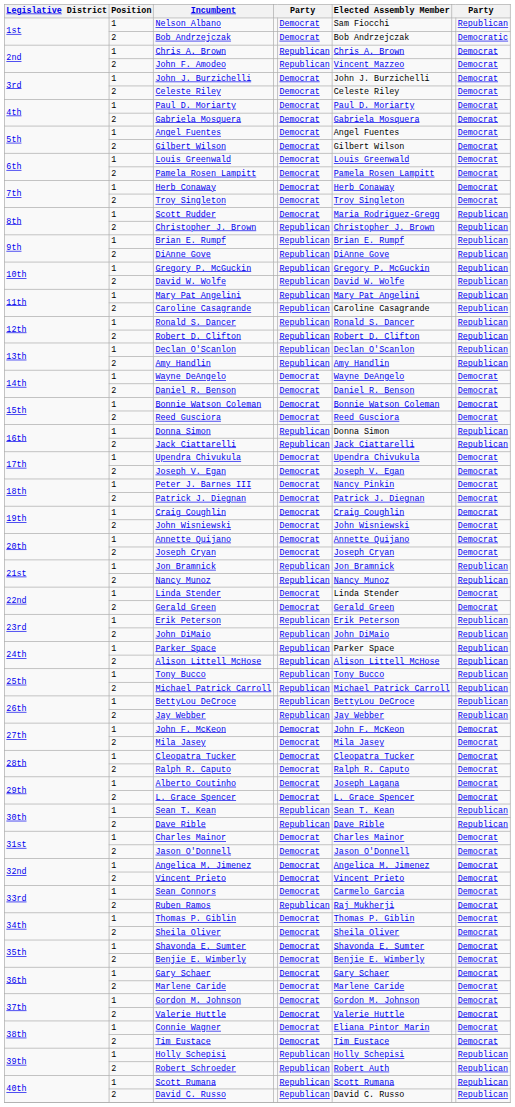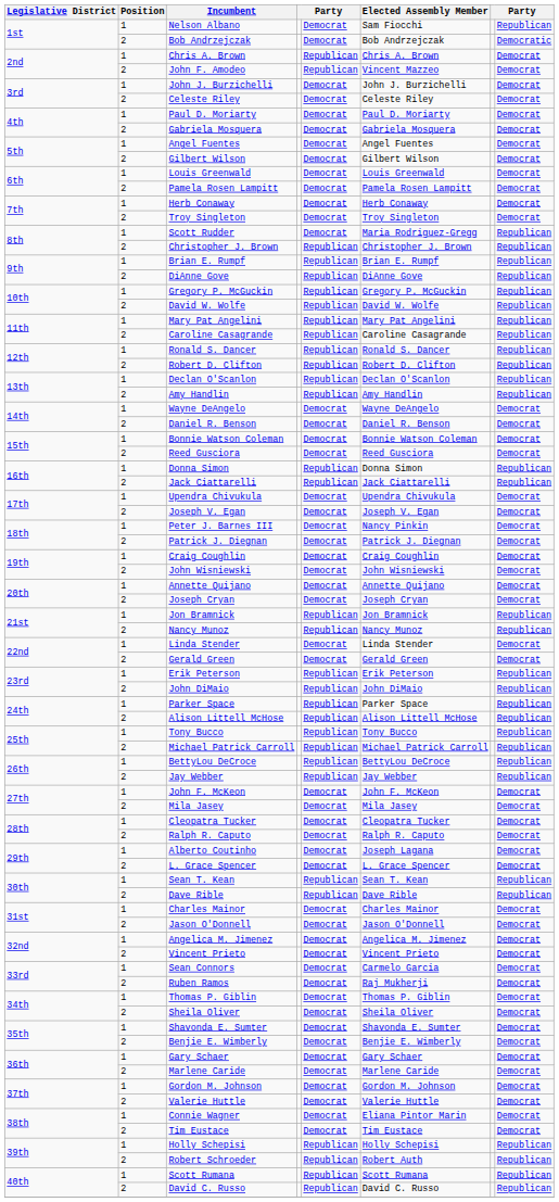 <table class="sortable wikitable" style="font-size:95%;line-height:14px;">
 <tr>
 <th colspan="1" class="sortable"><a href='#'>Legislative</a> District</th>
 <th colspan="1" class="sortable">Position</th>
 <th class="unsortable"><a href='#'>Incumbent</a></th>
 <th colspan="2">Party</th>
 <th class="unsortable">Elected Assembly Member</th>
 <th colspan="2">Party</th>
 </tr>
 <tr>
 <td rowspan="2"><a href='#'>1st</a></td>
 <td>1</td>
 <td><a href='#'>Nelson Albano</a></td>
 <td style="background:"></td>
 <td><a href='#'>Democrat</a></td>
 <td>Sam Fiocchi</td>
 <td style="background:"></td>
 <td><a href='#'>Republican</a></td>
 </tr>
 <tr>
 <td>2</td>
 <td><a href='#'>Bob Andrzejczak</a></td>
 <td style="background:"></td>
 <td><a href='#'>Democrat</a></td>
 <td>Bob Andrzejczak</td>
 <td style="background:"></td>
 <td><a href='#'>Democratic</a></td>
 </tr>
 <tr>
 <td rowspan="2"><a href='#'>2nd</a></td>
 <td>1</td>
 <td><a href='#'>Chris A. Brown</a></td>
 <td style="background:"></td>
 <td><a href='#'>Republican</a></td>
 <td><a href='#'>Chris A. Brown</a></td>
 <td style="background:"></td>
 <td><a href='#'>Democrat</a></td>
 </tr>
 <tr>
 <td>2</td>
 <td><a href='#'>John F. Amodeo</a></td>
 <td style="background:"></td>
 <td><a href='#'>Republican</a></td>
 <td><a href='#'>Vincent Mazzeo</a></td>
 <td style="background:"></td>
 <td><a href='#'>Democrat</a></td>
 </tr>
 <tr>
 <td rowspan="2"><a href='#'>3rd</a></td>
 <td>1</td>
 <td><a href='#'>John J. Burzichelli</a></td>
 <td style="background:"></td>
 <td><a href='#'>Democrat</a></td>
 <td>John J. Burzichelli</td>
 <td style="background:"></td>
 <td><a href='#'>Democrat</a></td>
 </tr>
 <tr>
 <td>2</td>
 <td><a href='#'>Celeste Riley</a></td>
 <td style="background:"></td>
 <td><a href='#'>Democrat</a></td>
 <td>Celeste Riley</td>
 <td style="background:"></td>
 <td><a href='#'>Democrat</a></td>
 </tr>
 <tr>
 <td rowspan="2"><a href='#'>4th</a></td>
 <td>1</td>
 <td><a href='#'>Paul D. Moriarty</a></td>
 <td style="background:"></td>
 <td><a href='#'>Democrat</a></td>
 <td><a href='#'>Paul D. Moriarty</a></td>
 <td style="background:"></td>
 <td><a href='#'>Democrat</a></td>
 </tr>
 <tr>
 <td>2</td>
 <td><a href='#'>Gabriela Mosquera</a></td>
 <td style="background:"></td>
 <td><a href='#'>Democrat</a></td>
 <td><a href='#'>Gabriela Mosquera</a></td>
 <td style="background:"></td>
 <td><a href='#'>Democrat</a></td>
 </tr>
 <tr>
 <td rowspan="2"><a href='#'>5th</a></td>
 <td>1</td>
 <td><a href='#'>Angel Fuentes</a></td>
 <td style="background:"></td>
 <td><a href='#'>Democrat</a></td>
 <td>Angel Fuentes</td>
 <td style="background:"></td>
 <td><a href='#'>Democrat</a></td>
 </tr>
 <tr>
 <td>2</td>
 <td><a href='#'>Gilbert Wilson</a></td>
 <td style="background:"></td>
 <td><a href='#'>Democrat</a></td>
 <td>Gilbert Wilson</td>
 <td style="background:"></td>
 <td><a href='#'>Democrat</a></td>
 </tr>
 <tr>
 <td rowspan="2"><a href='#'>6th</a></td>
 <td>1</td>
 <td><a href='#'>Louis Greenwald</a></td>
 <td style="background:"></td>
 <td><a href='#'>Democrat</a></td>
 <td><a href='#'>Louis Greenwald</a></td>
 <td style="background:"></td>
 <td><a href='#'>Democrat</a></td>
 </tr>
 <tr>
 <td>2</td>
 <td><a href='#'>Pamela Rosen Lampitt</a></td>
 <td style="background:"></td>
 <td><a href='#'>Democrat</a></td>
 <td><a href='#'>Pamela Rosen Lampitt</a></td>
 <td style="background:"></td>
 <td><a href='#'>Democrat</a></td>
 </tr>
 <tr>
 <td rowspan="2"><a href='#'>7th</a></td>
 <td>1</td>
 <td><a href='#'>Herb Conaway</a></td>
 <td style="background:"></td>
 <td><a href='#'>Democrat</a></td>
 <td><a href='#'>Herb Conaway</a></td>
 <td style="background:"></td>
 <td><a href='#'>Democrat</a></td>
 </tr>
 <tr>
 <td>2</td>
 <td><a href='#'>Troy Singleton</a></td>
 <td style="background:"></td>
 <td><a href='#'>Democrat</a></td>
 <td><a href='#'>Troy Singleton</a></td>
 <td style="background:"></td>
 <td><a href='#'>Democrat</a></td>
 </tr>
 <tr>
 <td rowspan="2"><a href='#'>8th</a></td>
 <td>1</td>
 <td><a href='#'>Scott Rudder</a></td>
 <td style="background:"></td>
 <td><a href='#'>Democrat</a></td>
 <td><a href='#'>Maria Rodriguez-Gregg</a></td>
 <td style="background:"></td>
 <td><a href='#'>Republican</a></td>
 </tr>
 <tr>
 <td>2</td>
 <td><a href='#'>Christopher J. Brown</a></td>
 <td style="background:"></td>
 <td><a href='#'>Republican</a></td>
 <td><a href='#'>Christopher J. Brown</a></td>
 <td style="background:"></td>
 <td><a href='#'>Republican</a></td>
 </tr>
 <tr>
 <td rowspan="2"><a href='#'>9th</a></td>
 <td>1</td>
 <td><a href='#'>Brian E. Rumpf</a></td>
 <td style="background:"></td>
 <td><a href='#'>Republican</a></td>
 <td><a href='#'>Brian E. Rumpf</a></td>
 <td style="background:"></td>
 <td><a href='#'>Republican</a></td>
 </tr>
 <tr>
 <td>2</td>
 <td><a href='#'>DiAnne Gove</a></td>
 <td style="background:"></td>
 <td><a href='#'>Republican</a></td>
 <td><a href='#'>DiAnne Gove</a></td>
 <td style="background:"></td>
 <td><a href='#'>Republican</a></td>
 </tr>
 <tr>
 <td rowspan="2"><a href='#'>10th</a></td>
 <td>1</td>
 <td><a href='#'>Gregory P. McGuckin</a></td>
 <td style="background:"></td>
 <td><a href='#'>Republican</a></td>
 <td><a href='#'>Gregory P. McGuckin</a></td>
 <td style="background:"></td>
 <td><a href='#'>Republican</a></td>
 </tr>
 <tr>
 <td>2</td>
 <td><a href='#'>David W. Wolfe</a></td>
 <td style="background:"></td>
 <td><a href='#'>Republican</a></td>
 <td><a href='#'>David W. Wolfe</a></td>
 <td style="background:"></td>
 <td><a href='#'>Republican</a></td>
 </tr>
 <tr>
 <td rowspan="2"><a href='#'>11th</a></td>
 <td>1</td>
 <td><a href='#'>Mary Pat Angelini</a></td>
 <td style="background:"></td>
 <td><a href='#'>Republican</a></td>
 <td><a href='#'>Mary Pat Angelini</a></td>
 <td style="background:"></td>
 <td><a href='#'>Republican</a></td>
 </tr>
 <tr>
 <td>2</td>
 <td><a href='#'>Caroline Casagrande</a></td>
 <td style="background:"></td>
 <td><a href='#'>Republican</a></td>
 <td>Caroline Casagrande</td>
 <td style="background:"></td>
 <td><a href='#'>Republican</a></td>
 </tr>
 <tr>
 <td rowspan="2"><a href='#'>12th</a></td>
 <td>1</td>
 <td><a href='#'>Ronald S. Dancer</a></td>
 <td style="background:"></td>
 <td><a href='#'>Republican</a></td>
 <td><a href='#'>Ronald S. Dancer</a></td>
 <td style="background:"></td>
 <td><a href='#'>Republican</a></td>
 </tr>
 <tr>
 <td>2</td>
 <td><a href='#'>Robert D. Clifton</a></td>
 <td style="background:"></td>
 <td><a href='#'>Republican</a></td>
 <td><a href='#'>Robert D. Clifton</a></td>
 <td style="background:"></td>
 <td><a href='#'>Republican</a></td>
 </tr>
 <tr>
 <td rowspan="2"><a href='#'>13th</a></td>
 <td>1</td>
 <td><a href='#'>Declan O'Scanlon</a></td>
 <td style="background:"></td>
 <td><a href='#'>Republican</a></td>
 <td><a href='#'>Declan O'Scanlon</a></td>
 <td style="background:"></td>
 <td><a href='#'>Republican</a></td>
 </tr>
 <tr>
 <td>2</td>
 <td><a href='#'>Amy Handlin</a></td>
 <td style="background:"></td>
 <td><a href='#'>Republican</a></td>
 <td><a href='#'>Amy Handlin</a></td>
 <td style="background:"></td>
 <td><a href='#'>Republican</a></td>
 </tr>
 <tr>
 <td rowspan="2"><a href='#'>14th</a></td>
 <td>1</td>
 <td><a href='#'>Wayne DeAngelo</a></td>
 <td style="background:"></td>
 <td><a href='#'>Democrat</a></td>
 <td><a href='#'>Wayne DeAngelo</a></td>
 <td style="background:"></td>
 <td><a href='#'>Democrat</a></td>
 </tr>
 <tr>
 <td>2</td>
 <td><a href='#'>Daniel R. Benson</a></td>
 <td style="background:"></td>
 <td><a href='#'>Democrat</a></td>
 <td><a href='#'>Daniel R. Benson</a></td>
 <td style="background:"></td>
 <td><a href='#'>Democrat</a></td>
 </tr>
 <tr>
 <td rowspan="2"><a href='#'>15th</a></td>
 <td>1</td>
 <td><a href='#'>Bonnie Watson Coleman</a></td>
 <td style="background:"></td>
 <td><a href='#'>Democrat</a></td>
 <td><a href='#'>Bonnie Watson Coleman</a></td>
 <td style="background:"></td>
 <td><a href='#'>Democrat</a></td>
 </tr>
 <tr>
 <td>2</td>
 <td><a href='#'>Reed Gusciora</a></td>
 <td style="background:"></td>
 <td><a href='#'>Democrat</a></td>
 <td><a href='#'>Reed Gusciora</a></td>
 <td style="background:"></td>
 <td><a href='#'>Democrat</a></td>
 </tr>
 <tr>
 <td rowspan="2"><a href='#'>16th</a></td>
 <td>1</td>
 <td><a href='#'>Donna Simon</a></td>
 <td style="background:"></td>
 <td><a href='#'>Republican</a></td>
 <td>Donna Simon</td>
 <td style="background:"></td>
 <td><a href='#'>Republican</a></td>
 </tr>
 <tr>
 <td>2</td>
 <td><a href='#'>Jack Ciattarelli</a></td>
 <td style="background:"></td>
 <td><a href='#'>Republican</a></td>
 <td><a href='#'>Jack Ciattarelli</a></td>
 <td style="background:"></td>
 <td><a href='#'>Republican</a></td>
 </tr>
 <tr>
 <td rowspan="2"><a href='#'>17th</a></td>
 <td>1</td>
 <td><a href='#'>Upendra Chivukula</a></td>
 <td style="background:"></td>
 <td><a href='#'>Democrat</a></td>
 <td><a href='#'>Upendra Chivukula</a></td>
 <td style="background:"></td>
 <td><a href='#'>Democrat</a></td>
 </tr>
 <tr>
 <td>2</td>
 <td><a href='#'>Joseph V. Egan</a></td>
 <td style="background:"></td>
 <td><a href='#'>Democrat</a></td>
 <td><a href='#'>Joseph V. Egan</a></td>
 <td style="background:"></td>
 <td><a href='#'>Democrat</a></td>
 </tr>
 <tr>
 <td rowspan="2"><a href='#'>18th</a></td>
 <td>1</td>
 <td><a href='#'>Peter J. Barnes III</a></td>
 <td style="background:"></td>
 <td><a href='#'>Democrat</a></td>
 <td><a href='#'>Nancy Pinkin</a></td>
 <td style="background:"></td>
 <td><a href='#'>Democrat</a></td>
 </tr>
 <tr>
 <td>2</td>
 <td><a href='#'>Patrick J. Diegnan</a></td>
 <td style="background:"></td>
 <td><a href='#'>Democrat</a></td>
 <td><a href='#'>Patrick J. Diegnan</a></td>
 <td style="background:"></td>
 <td><a href='#'>Democrat</a></td>
 </tr>
 <tr>
 <td rowspan="2"><a href='#'>19th</a></td>
 <td>1</td>
 <td><a href='#'>Craig Coughlin</a></td>
 <td style="background:"></td>
 <td><a href='#'>Democrat</a></td>
 <td><a href='#'>Craig Coughlin</a></td>
 <td style="background:"></td>
 <td><a href='#'>Democrat</a></td>
 </tr>
 <tr>
 <td>2</td>
 <td><a href='#'>John Wisniewski</a></td>
 <td style="background:"></td>
 <td><a href='#'>Democrat</a></td>
 <td><a href='#'>John Wisniewski</a></td>
 <td style="background:"></td>
 <td><a href='#'>Democrat</a></td>
 </tr>
 <tr>
 <td rowspan="2"><a href='#'>20th</a></td>
 <td>1</td>
 <td><a href='#'>Annette Quijano</a></td>
 <td style="background:"></td>
 <td><a href='#'>Democrat</a></td>
 <td><a href='#'>Annette Quijano</a></td>
 <td style="background:"></td>
 <td><a href='#'>Democrat</a></td>
 </tr>
 <tr>
 <td>2</td>
 <td><a href='#'>Joseph Cryan</a></td>
 <td style="background:"></td>
 <td><a href='#'>Democrat</a></td>
 <td><a href='#'>Joseph Cryan</a></td>
 <td style="background:"></td>
 <td><a href='#'>Democrat</a></td>
 </tr>
 <tr>
 <td rowspan="2"><a href='#'>21st</a></td>
 <td>1</td>
 <td><a href='#'>Jon Bramnick</a></td>
 <td style="background:"></td>
 <td><a href='#'>Republican</a></td>
 <td><a href='#'>Jon Bramnick</a></td>
 <td style="background:"></td>
 <td><a href='#'>Republican</a></td>
 </tr>
 <tr>
 <td>2</td>
 <td><a href='#'>Nancy Munoz</a></td>
 <td style="background:"></td>
 <td><a href='#'>Republican</a></td>
 <td><a href='#'>Nancy Munoz</a></td>
 <td style="background:"></td>
 <td><a href='#'>Republican</a></td>
 </tr>
 <tr>
 <td rowspan="2"><a href='#'>22nd</a></td>
 <td>1</td>
 <td><a href='#'>Linda Stender</a></td>
 <td style="background:"></td>
 <td><a href='#'>Democrat</a></td>
 <td>Linda Stender</td>
 <td style="background:"></td>
 <td><a href='#'>Democrat</a></td>
 </tr>
 <tr>
 <td>2</td>
 <td><a href='#'>Gerald Green</a></td>
 <td style="background:"></td>
 <td><a href='#'>Democrat</a></td>
 <td><a href='#'>Gerald Green</a></td>
 <td style="background:"></td>
 <td><a href='#'>Democrat</a></td>
 </tr>
 <tr>
 <td rowspan="2"><a href='#'>23rd</a></td>
 <td>1</td>
 <td><a href='#'>Erik Peterson</a></td>
 <td style="background:"></td>
 <td><a href='#'>Republican</a></td>
 <td><a href='#'>Erik Peterson</a></td>
 <td style="background:"></td>
 <td><a href='#'>Republican</a></td>
 </tr>
 <tr>
 <td>2</td>
 <td><a href='#'>John DiMaio</a></td>
 <td style="background:"></td>
 <td><a href='#'>Republican</a></td>
 <td><a href='#'>John DiMaio</a></td>
 <td style="background:"></td>
 <td><a href='#'>Republican</a></td>
 </tr>
 <tr>
 <td rowspan="2"><a href='#'>24th</a></td>
 <td>1</td>
 <td><a href='#'>Parker Space</a></td>
 <td style="background:"></td>
 <td><a href='#'>Republican</a></td>
 <td>Parker Space</td>
 <td style="background:"></td>
 <td><a href='#'>Republican</a></td>
 </tr>
 <tr>
 <td>2</td>
 <td><a href='#'>Alison Littell McHose</a></td>
 <td style="background:"></td>
 <td><a href='#'>Republican</a></td>
 <td><a href='#'>Alison Littell McHose</a></td>
 <td style="background:"></td>
 <td><a href='#'>Republican</a></td>
 </tr>
 <tr>
 <td rowspan="2"><a href='#'>25th</a></td>
 <td>1</td>
 <td><a href='#'>Tony Bucco</a></td>
 <td style="background:"></td>
 <td><a href='#'>Republican</a></td>
 <td><a href='#'>Tony Bucco</a></td>
 <td style="background:"></td>
 <td><a href='#'>Republican</a></td>
 </tr>
 <tr>
 <td>2</td>
 <td><a href='#'>Michael Patrick Carroll</a></td>
 <td style="background:"></td>
 <td><a href='#'>Republican</a></td>
 <td><a href='#'>Michael Patrick Carroll</a></td>
 <td style="background:"></td>
 <td><a href='#'>Republican</a></td>
 </tr>
 <tr>
 <td rowspan="2"><a href='#'>26th</a></td>
 <td>1</td>
 <td><a href='#'>BettyLou DeCroce</a></td>
 <td style="background:"></td>
 <td><a href='#'>Republican</a></td>
 <td><a href='#'>BettyLou DeCroce</a></td>
 <td style="background:"></td>
 <td><a href='#'>Republican</a></td>
 </tr>
 <tr>
 <td>2</td>
 <td><a href='#'>Jay Webber</a></td>
 <td style="background:"></td>
 <td><a href='#'>Republican</a></td>
 <td><a href='#'>Jay Webber</a></td>
 <td style="background:"></td>
 <td><a href='#'>Republican</a></td>
 </tr>
 <tr>
 <td rowspan="2"><a href='#'>27th</a></td>
 <td>1</td>
 <td><a href='#'>John F. McKeon</a></td>
 <td style="background:"></td>
 <td><a href='#'>Democrat</a></td>
 <td><a href='#'>John F. McKeon</a></td>
 <td style="background:"></td>
 <td><a href='#'>Democrat</a></td>
 </tr>
 <tr>
 <td>2</td>
 <td><a href='#'>Mila Jasey</a></td>
 <td style="background:"></td>
 <td><a href='#'>Democrat</a></td>
 <td><a href='#'>Mila Jasey</a></td>
 <td style="background:"></td>
 <td><a href='#'>Democrat</a></td>
 </tr>
 <tr>
 <td rowspan="2"><a href='#'>28th</a></td>
 <td>1</td>
 <td><a href='#'>Cleopatra Tucker</a></td>
 <td style="background:"></td>
 <td><a href='#'>Democrat</a></td>
 <td><a href='#'>Cleopatra Tucker</a></td>
 <td style="background:"></td>
 <td><a href='#'>Democrat</a></td>
 </tr>
 <tr>
 <td>2</td>
 <td><a href='#'>Ralph R. Caputo</a></td>
 <td style="background:"></td>
 <td><a href='#'>Democrat</a></td>
 <td><a href='#'>Ralph R. Caputo</a></td>
 <td style="background:"></td>
 <td><a href='#'>Democrat</a></td>
 </tr>
 <tr>
 <td rowspan="2"><a href='#'>29th</a></td>
 <td>1</td>
 <td><a href='#'>Alberto Coutinho</a></td>
 <td style="background:"></td>
 <td><a href='#'>Democrat</a></td>
 <td><a href='#'>Joseph Lagana</a></td>
 <td style="background:"></td>
 <td><a href='#'>Democrat</a></td>
 </tr>
 <tr>
 <td>2</td>
 <td><a href='#'>L. Grace Spencer</a></td>
 <td style="background:"></td>
 <td><a href='#'>Democrat</a></td>
 <td><a href='#'>L. Grace Spencer</a></td>
 <td style="background:"></td>
 <td><a href='#'>Democrat</a></td>
 </tr>
 <tr>
 <td rowspan="2"><a href='#'>30th</a></td>
 <td>1</td>
 <td><a href='#'>Sean T. Kean</a></td>
 <td style="background:"></td>
 <td><a href='#'>Republican</a></td>
 <td><a href='#'>Sean T. Kean</a></td>
 <td style="background:"></td>
 <td><a href='#'>Republican</a></td>
 </tr>
 <tr>
 <td>2</td>
 <td><a href='#'>Dave Rible</a></td>
 <td style="background:"></td>
 <td><a href='#'>Republican</a></td>
 <td><a href='#'>Dave Rible</a></td>
 <td style="background:"></td>
 <td><a href='#'>Republican</a></td>
 </tr>
 <tr>
 <td rowspan="2"><a href='#'>31st</a></td>
 <td>1</td>
 <td><a href='#'>Charles Mainor</a></td>
 <td style="background:"></td>
 <td><a href='#'>Democrat</a></td>
 <td><a href='#'>Charles Mainor</a></td>
 <td style="background:"></td>
 <td><a href='#'>Democrat</a></td>
 </tr>
 <tr>
 <td>2</td>
 <td><a href='#'>Jason O'Donnell</a></td>
 <td style="background:"></td>
 <td><a href='#'>Democrat</a></td>
 <td><a href='#'>Jason O'Donnell</a></td>
 <td style="background:"></td>
 <td><a href='#'>Democrat</a></td>
 </tr>
 <tr>
 <td rowspan="2"><a href='#'>32nd</a></td>
 <td>1</td>
 <td><a href='#'>Angelica M. Jimenez</a></td>
 <td style="background:"></td>
 <td><a href='#'>Democrat</a></td>
 <td><a href='#'>Angelica M. Jimenez</a></td>
 <td style="background:"></td>
 <td><a href='#'>Democrat</a></td>
 </tr>
 <tr>
 <td>2</td>
 <td><a href='#'>Vincent Prieto</a></td>
 <td style="background:"></td>
 <td><a href='#'>Democrat</a></td>
 <td><a href='#'>Vincent Prieto</a></td>
 <td style="background:"></td>
 <td><a href='#'>Democrat</a></td>
 </tr>
 <tr>
 <td rowspan="2"><a href='#'>33rd</a></td>
 <td>1</td>
 <td><a href='#'>Sean Connors</a></td>
 <td style="background:"></td>
 <td><a href='#'>Democrat</a></td>
 <td><a href='#'>Carmelo Garcia</a></td>
 <td style="background:"></td>
 <td><a href='#'>Democrat</a></td>
 </tr>
 <tr>
 <td>2</td>
 <td><a href='#'>Ruben Ramos</a></td>
 <td style="background:"></td>
-<td><a href='#'>Republican</a></td>
+<td><a href='#'>Democrat</a></td>
 <td><a href='#'>Raj Mukherji</a></td>
 <td style="background:"></td>
 <td><a href='#'>Democrat</a></td>
 </tr>
 <tr>
 <td rowspan="2"><a href='#'>34th</a></td>
 <td>1</td>
 <td><a href='#'>Thomas P. Giblin</a></td>
 <td style="background:"></td>
 <td><a href='#'>Democrat</a></td>
 <td><a href='#'>Thomas P. Giblin</a></td>
 <td style="background:"></td>
 <td><a href='#'>Democrat</a></td>
 </tr>
 <tr>
 <td>2</td>
 <td><a href='#'>Sheila Oliver</a></td>
 <td style="background:"></td>
 <td><a href='#'>Democrat</a></td>
 <td><a href='#'>Sheila Oliver</a></td>
 <td style="background:"></td>
 <td><a href='#'>Democrat</a></td>
 </tr>
 <tr>
 <td rowspan="2"><a href='#'>35th</a></td>
 <td>1</td>
 <td><a href='#'>Shavonda E. Sumter</a></td>
 <td style="background:"></td>
 <td><a href='#'>Democrat</a></td>
 <td><a href='#'>Shavonda E. Sumter</a></td>
 <td style="background:"></td>
 <td><a href='#'>Democrat</a></td>
 </tr>
 <tr>
 <td>2</td>
 <td><a href='#'>Benjie E. Wimberly</a></td>
 <td style="background:"></td>
 <td><a href='#'>Democrat</a></td>
 <td><a href='#'>Benjie E. Wimberly</a></td>
 <td style="background:"></td>
 <td><a href='#'>Democrat</a></td>
 </tr>
 <tr>
 <td rowspan="2"><a href='#'>36th</a></td>
 <td>1</td>
 <td><a href='#'>Gary Schaer</a></td>
 <td style="background:"></td>
 <td><a href='#'>Democrat</a></td>
 <td><a href='#'>Gary Schaer</a></td>
 <td style="background:"></td>
 <td><a href='#'>Democrat</a></td>
 </tr>
 <tr>
 <td>2</td>
 <td><a href='#'>Marlene Caride</a></td>
 <td style="background:"></td>
 <td><a href='#'>Democrat</a></td>
 <td><a href='#'>Marlene Caride</a></td>
 <td style="background:"></td>
 <td><a href='#'>Democrat</a></td>
 </tr>
 <tr>
 <td rowspan="2"><a href='#'>37th</a></td>
 <td>1</td>
 <td><a href='#'>Gordon M. Johnson</a></td>
 <td style="background:"></td>
 <td><a href='#'>Democrat</a></td>
 <td><a href='#'>Gordon M. Johnson</a></td>
 <td style="background:"></td>
 <td><a href='#'>Democrat</a></td>
 </tr>
 <tr>
 <td>2</td>
 <td><a href='#'>Valerie Huttle</a></td>
 <td style="background:"></td>
 <td><a href='#'>Democrat</a></td>
 <td><a href='#'>Valerie Huttle</a></td>
 <td style="background:"></td>
 <td><a href='#'>Democrat</a></td>
 </tr>
 <tr>
 <td rowspan="2"><a href='#'>38th</a></td>
 <td>1</td>
 <td><a href='#'>Connie Wagner</a></td>
 <td style="background:"></td>
 <td><a href='#'>Democrat</a></td>
 <td><a href='#'>Eliana Pintor Marin</a></td>
 <td style="background:"></td>
 <td><a href='#'>Democrat</a></td>
 </tr>
 <tr>
 <td>2</td>
 <td><a href='#'>Tim Eustace</a></td>
 <td style="background:"></td>
 <td><a href='#'>Democrat</a></td>
 <td><a href='#'>Tim Eustace</a></td>
 <td style="background:"></td>
 <td><a href='#'>Democrat</a></td>
 </tr>
 <tr>
 <td rowspan="2"><a href='#'>39th</a></td>
 <td>1</td>
 <td><a href='#'>Holly Schepisi</a></td>
 <td style="background:"></td>
 <td><a href='#'>Republican</a></td>
 <td><a href='#'>Holly Schepisi</a></td>
 <td style="background:"></td>
 <td><a href='#'>Republican</a></td>
 </tr>
 <tr>
 <td>2</td>
 <td><a href='#'>Robert Schroeder</a></td>
 <td style="background:"></td>
 <td><a href='#'>Republican</a></td>
 <td><a href='#'>Robert Auth</a></td>
 <td style="background:"></td>
 <td><a href='#'>Republican</a></td>
 </tr>
 <tr>
 <td rowspan="2"><a href='#'>40th</a></td>
 <td>1</td>
 <td><a href='#'>Scott Rumana</a></td>
 <td style="background:"></td>
 <td><a href='#'>Republican</a></td>
 <td><a href='#'>Scott Rumana</a></td>
 <td style="background:"></td>
 <td><a href='#'>Republican</a></td>
 </tr>
 <tr>
 <td>2</td>
 <td><a href='#'>David C. Russo</a></td>
 <td style="background:"></td>
 <td><a href='#'>Republican</a></td>
 <td>David C. Russo</td>
 <td style="background:"></td>
 <td><a href='#'>Republican</a></td>
 </tr>
 <tr>
 </tr>
 </table>
